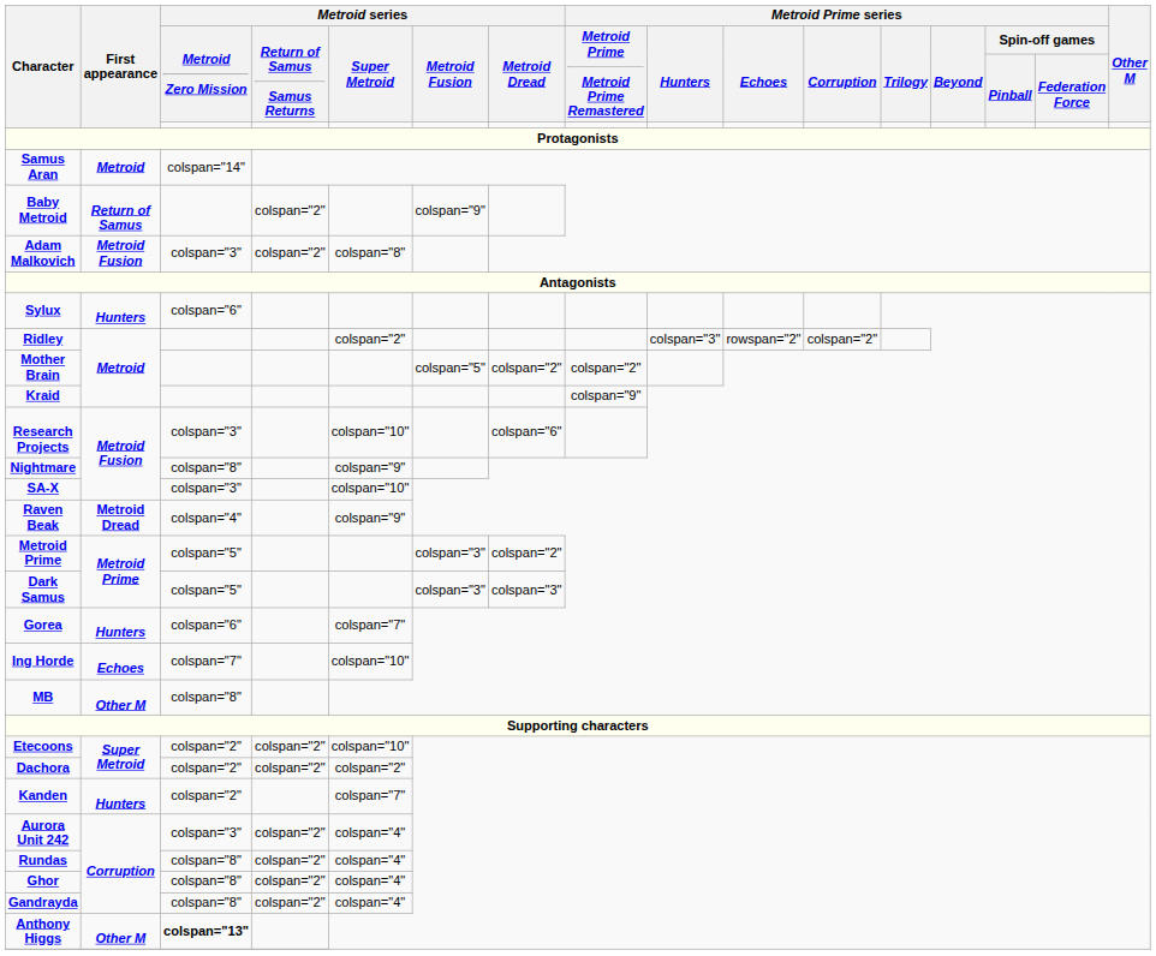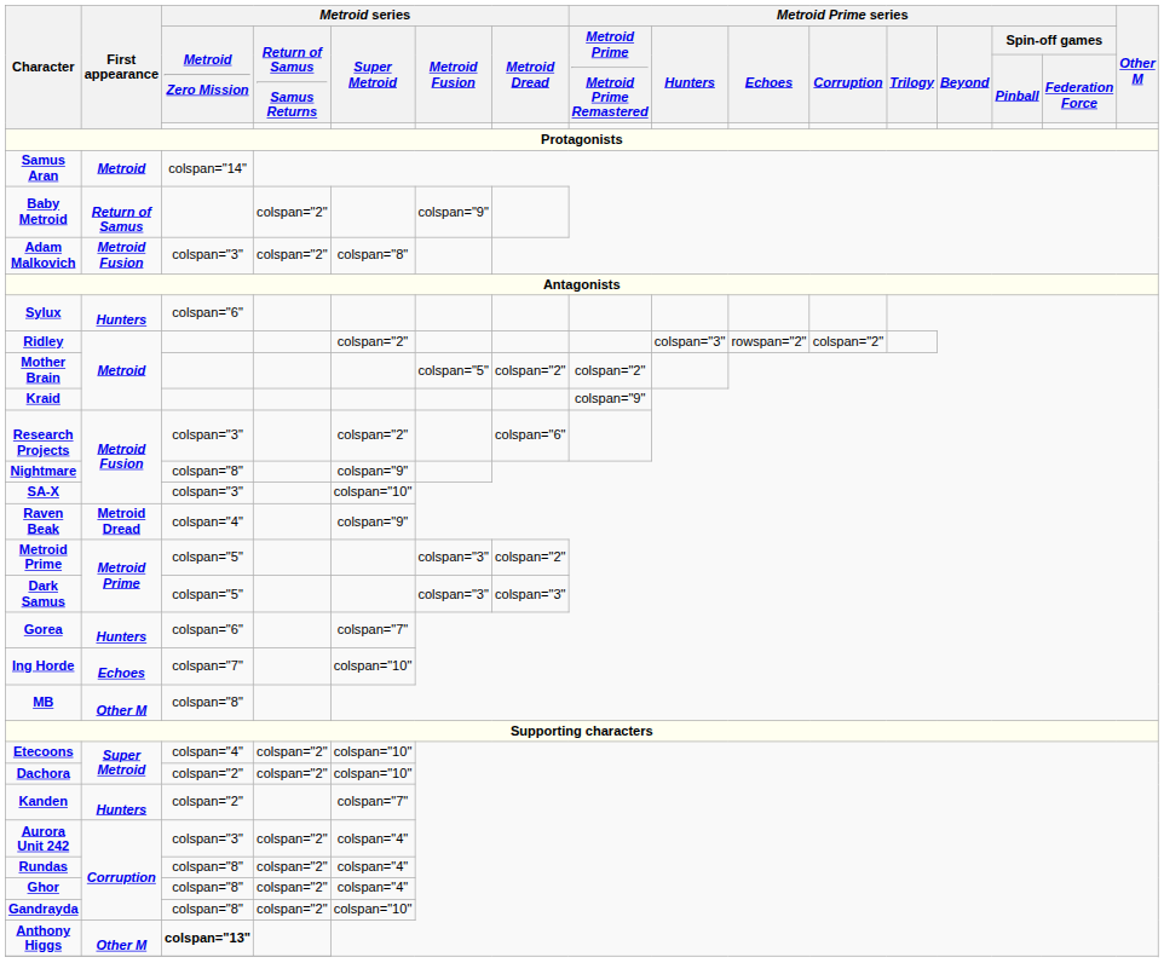 <table class="wikitable" style="width:119%; text-align:center;">
 <tr>
 <th rowspan="4" style="width:35%;">Character</th>
 <th rowspan="4" style="width:2%;">First<br>appearance</th>
 <th colspan="5"><em>Metroid</em> series</th>
 <th colspan="8"><em>Metroid Prime</em> series</th>
 <th rowspan="3" style="width:9%;"><em><a href='#'><br>Other M</a></em></th>
 </tr>
 <tr>
 <th rowspan="2" style="width:9%;"><em><a href='#'>Metroid</a><hr><a href='#'>Zero Mission</a></em></th>
 <th rowspan="2" style="width:9%;"><em><a href='#'><br>Return of Samus</a><hr><a href='#'>Samus Returns</a></em></th>
 <th rowspan="2" style="width:9%;"><em><a href='#'>Super Metroid</a></em></th>
 <th rowspan="2" style="width:9%;"><em><a href='#'>Metroid Fusion</a></em></th>
 <th rowspan="2" style="width:9%;"><em><a href='#'>Metroid Dread</a></em></th>
 <th rowspan="2" style="width:9%;"><em><a href='#'>Metroid Prime</a><hr><a href='#'>Metroid Prime Remastered</a></em></th>
 <th rowspan="2" style="width:9%;"><em><a href='#'><br>Hunters</a></em></th>
 <th rowspan="2" style="width:9%;"><em><a href='#'><br> Echoes</a></em></th>
 <th rowspan="2" style="width:9%;"><em><a href='#'><br>Corruption</a></em></th>
 <th rowspan="2" style="width:9%;"><em><a href='#'><br> Trilogy</a></em></th>
 <th rowspan="2" style="width:9%;"><em><a href='#'><br>Beyond</a></em></th>
 <th colspan="2">Spin-off games</th>
 </tr>
 <tr>
 <th style="width:9%;"><em><a href='#'><br>Pinball</a></em></th>
 <th style="width:9%;"><em><a href='#'><br>Federation Force</a></em></th>
 </tr>
 <tr>
 <td style="text-align:center;"></td>
 <td style="text-align:center;"></td>
 <td style="text-align:center;"></td>
 <td style="text-align:center;"></td>
 <td style="text-align:center;"></td>
 <td style="text-align:center;"></td>
 <td style="text-align:center;"></td>
 <td style="text-align:center;"></td>
 <td style="text-align:center;"></td>
 <td style="text-align:center;"></td>
 <td style="text-align:center;"></td>
 <td style="text-align:center;"></td>
 <td style="text-align:center;"></td>
 <td style="text-align:center;"></td>
 </tr>
 <tr>
 <th colspan="16" style="background:ivory;"><span>Protagonists</span></th>
 </tr>
 <tr>
 <td style="text-align:center;"><strong><a href='#'>Samus Aran</a></strong></td>
 <td style="text-align:center;"><strong><em><a href='#'>Metroid</a></em></strong></td>
 <td>colspan="14" </td>
 </tr>
 <tr>
 <td style="text-align:center;"><strong><a href='#'>Baby Metroid</a></strong></td>
 <td style="text-align:center;"><strong><em><a href='#'><br>Return of Samus</a></em></strong></td>
 <td></td>
 <td>colspan="2" </td>
 <td></td>
 <td>colspan="9" </td>
 <td></td>
 </tr>
 <tr>
 <td style="text-align:center;"><strong><a href='#'>Adam Malkovich</a></strong></td>
 <td style="text-align:center;"><strong><em><a href='#'>Metroid Fusion</a></em></strong></td>
 <td>colspan="3" </td>
 <td>colspan="2" </td>
 <td>colspan="8" </td>
 <td></td>
 </tr>
 <tr>
 <th colspan="16" style="background:ivory;"><span>Antagonists</span></th>
 </tr>
 <tr>
 <td style="text-align:center;"><strong><a href='#'>Sylux</a></strong></td>
 <td style="text-align:center;"><strong><em><a href='#'><br>Hunters</a></em></strong></td>
 <td>colspan="6" </td>
 <td></td>
 <td></td>
 <td></td>
 <td></td>
 <td></td>
 <td></td>
 <td></td>
 <td></td>
 </tr>
 <tr>
 <td style="text-align:center;"><strong><a href='#'>Ridley<br></a></strong></td>
 <td rowspan="3" style="text-align:center;"><strong><em><a href='#'>Metroid</a></em></strong></td>
 <td></td>
 <td></td>
 <td>colspan="2" </td>
 <td></td>
 <td></td>
 <td></td>
 <td>colspan="3" </td>
 <td>rowspan="2" </td>
 <td>colspan="2" </td>
 <td></td>
 </tr>
 <tr>
 <td style="text-align:center;"><strong><a href='#'>Mother Brain</a></strong></td>
 <td></td>
 <td></td>
 <td></td>
 <td>colspan="5" </td>
 <td>colspan="2" </td>
 <td>colspan="2" </td>
 <td></td>
 </tr>
 <tr>
 <td style="text-align:center;"><strong><a href='#'>Kraid</a></strong></td>
 <td></td>
 <td></td>
 <td></td>
 <td></td>
 <td></td>
 <td>colspan="9" </td>
 </tr>
 <tr>
 <td style="text-align:center;"><strong><a href='#'><br>Research Projects</a></strong></td>
 <td rowspan="3" style="text-align:center;"><strong><em><a href='#'>Metroid Fusion</a></em></strong></td>
 <td>colspan="3" </td>
 <td></td>
-<td>colspan="10" </td>
+<td>colspan="2" </td>
 <td></td>
 <td>colspan="6" </td>
 <td></td>
 </tr>
 <tr>
 <td style="text-align:center;"><strong><a href='#'>Nightmare</a></strong></td>
 <td>colspan="8" </td>
 <td></td>
 <td>colspan="9" </td>
 <td></td>
 </tr>
 <tr>
 <td style="text-align:center;"><strong><a href='#'>SA-X</a></strong></td>
 <td>colspan="3" </td>
 <td></td>
 <td>colspan="10" </td>
 </tr>
 <tr>
 <td><strong><a href='#'>Raven Beak</a></strong></td>
 <td><strong><a href='#'>Metroid Dread</a></strong></td>
 <td>colspan="4" </td>
 <td></td>
 <td>colspan="9" </td>
 </tr>
 <tr>
 <td style="text-align:center;"><strong><a href='#'>Metroid Prime</a></strong></td>
 <td rowspan="2" style="text-align:center;"><strong><em><a href='#'>Metroid Prime</a></em></strong></td>
 <td>colspan="5" </td>
 <td></td>
 <td></td>
 <td>colspan="3" </td>
 <td>colspan="2" </td>
 </tr>
 <tr>
 <td style="text-align:center;"><strong><a href='#'>Dark Samus</a></strong></td>
 <td>colspan="5" </td>
 <td></td>
 <td></td>
 <td>colspan="3" </td>
 <td>colspan="3" </td>
 </tr>
 <tr>
 <td style="text-align:center;"><strong><a href='#'>Gorea</a></strong></td>
 <td style="text-align:center;"><strong><em><a href='#'><br>Hunters</a></em></strong></td>
 <td>colspan="6" </td>
 <td></td>
 <td>colspan="7" </td>
 </tr>
 <tr>
 <td style="text-align:center;"><strong><a href='#'>Ing Horde</a></strong></td>
 <td style="text-align:center;"><strong><em><a href='#'><br> Echoes</a></em></strong></td>
 <td>colspan="7" </td>
 <td></td>
 <td>colspan="10" </td>
 </tr>
 <tr>
 <td style="text-align:center;"><strong><a href='#'>MB<br></a></strong></td>
 <td style="text-align:center;"><strong><em><a href='#'><br>Other M</a></em></strong></td>
 <td>colspan="8" </td>
 <td></td>
 </tr>
 <tr>
 <th colspan="16" style="background:ivory;"><span>Supporting characters</span></th>
 </tr>
 <tr>
 <td style="text-align:center;"><strong><a href='#'>Etecoons</a></strong></td>
 <td rowspan="2" style="text-align:center;"><strong><em><a href='#'>Super Metroid</a></em></strong></td>
-<td>colspan="2" </td>
+<td>colspan="4" </td>
 <td>colspan="2" </td>
 <td>colspan="10" </td>
 </tr>
 <tr>
 <td style="text-align:center;"><strong><a href='#'>Dachora</a></strong></td>
 <td>colspan="2" </td>
 <td>colspan="2" </td>
-<td>colspan="2" </td>
+<td>colspan="10" </td>
 </tr>
 <tr>
 <td style="text-align:center;"><strong><a href='#'>Kanden</a></strong></td>
 <td style="text-align:center;"><strong><em><a href='#'><br>Hunters</a></em></strong></td>
 <td>colspan="2" </td>
 <td></td>
 <td>colspan="7" </td>
 </tr>
 <tr>
 <td style="text-align:center;"><strong><a href='#'>Aurora Unit 242</a></strong></td>
 <td rowspan="4" style="text-align:center;"><strong><em><a href='#'><br>Corruption</a></em></strong></td>
 <td>colspan="3" </td>
 <td>colspan="2" </td>
 <td>colspan="4" </td>
 </tr>
 <tr>
 <td style="text-align:center;"><strong><a href='#'>Rundas</a></strong></td>
 <td>colspan="8" </td>
 <td>colspan="2" </td>
 <td>colspan="4" </td>
 </tr>
 <tr>
 <td style="text-align:center;"><strong><a href='#'>Ghor</a></strong></td>
 <td>colspan="8" </td>
 <td>colspan="2" </td>
 <td>colspan="4" </td>
 </tr>
 <tr>
 <td style="text-align:center;"><strong><a href='#'>Gandrayda</a></strong></td>
 <td>colspan="8" </td>
 <td>colspan="2" </td>
-<td>colspan="4" </td>
+<td>colspan="10" </td>
 </tr>
 <tr>
 <td style="text-align:center;"><strong><a href='#'>Anthony Higgs</a></strong></td>
 <td style="text-align:center;"><strong><em><a href='#'><br>Other M</a></em></strong></td>
 <td><strong>colspan="13" </strong></td>
 <td></td>
 </tr>
 <tr>
 </tr>
 </table>
